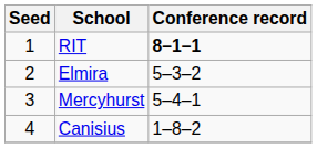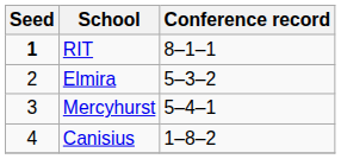 <table class="wikitable">
 <tr>
 <th>Seed</th>
 <th>School</th>
 <th>Conference record</th>
 </tr>
 <tr>
-<td align=center>1</td>
+<td align=center><strong>1</strong></td>
 <td><a href='#'>RIT</a></td>
-<td><strong>8–1–1</strong></td>
+<td>8–1–1</td>
 </tr>
 <tr>
 <td align=center>2</td>
 <td><a href='#'>Elmira</a></td>
 <td>5–3–2</td>
 </tr>
 <tr>
 <td align=center>3</td>
 <td><a href='#'>Mercyhurst</a></td>
 <td>5–4–1</td>
 </tr>
 <tr>
 <td align=center>4</td>
 <td><a href='#'>Canisius</a></td>
 <td>1–8–2</td>
 </tr>
 <tr>
 </tr>
 </table>
